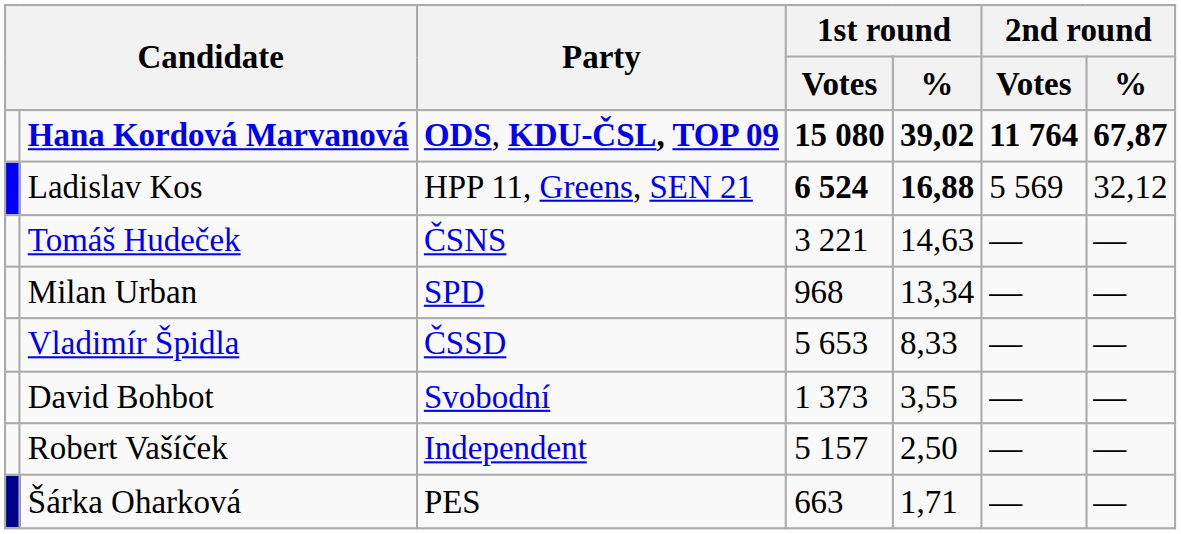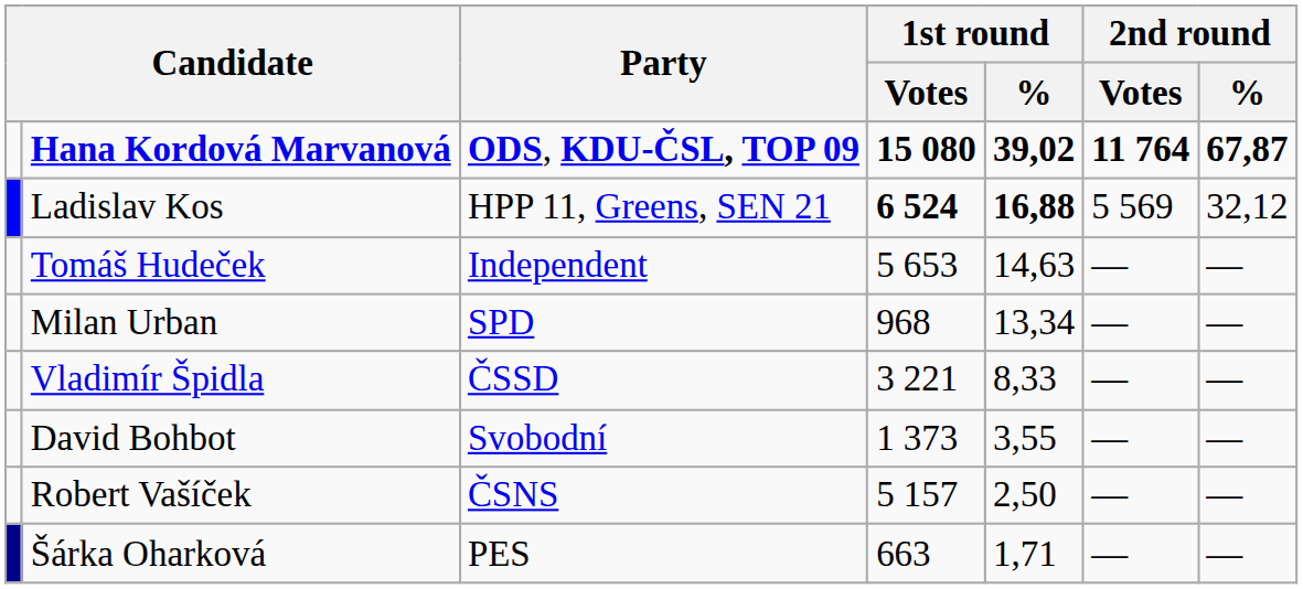 <table class="wikitable sortable">
 <tr>
 <th colspan="2" rowspan="2">Candidate</th>
 <th rowspan="2">Party</th>
 <th colspan="2">1st round</th>
 <th colspan="2">2nd round</th>
 </tr>
 <tr>
 <th>Votes</th>
 <th>%</th>
 <th>Votes</th>
 <th>%</th>
 </tr>
 <tr>
 <td style="background-color:"></td>
 <td><strong><a href='#'>Hana Kordová Marvanová</a></strong></td>
 <td><a href='#'><strong>ODS</strong></a>, <strong><a href='#'>KDU-ČSL</a>, <a href='#'>TOP 09</a></strong></td>
 <td><strong>15 080</strong></td>
 <td><strong>39,02</strong></td>
 <td><strong>11 764</strong></td>
 <td><strong>67,87</strong></td>
 </tr>
 <tr>
 <td style="background-color:blue"></td>
 <td>Ladislav Kos</td>
 <td>HPP 11, <a href='#'>Greens</a>, <a href='#'>SEN 21</a></td>
 <td><strong>6 524</strong></td>
 <td><strong>16,88</strong></td>
 <td>5 569</td>
 <td>32,12</td>
 </tr>
 <tr>
 <td style="background-color:"></td>
 <td><a href='#'>Tomáš Hudeček</a></td>
-<td><a href='#'>ČSNS</a></td>
-<td>3 221</td>
+<td><a href='#'>Independent</a></td>
+<td>5 653</td>
 <td>14,63</td>
 <td>—</td>
 <td>—</td>
 </tr>
 <tr>
 <td style="background-color:"></td>
 <td>Milan Urban</td>
 <td><a href='#'>SPD</a></td>
 <td>968</td>
 <td>13,34</td>
 <td>—</td>
 <td>—</td>
 </tr>
 <tr>
 <td style="background-color:"></td>
 <td><a href='#'>Vladimír Špidla</a></td>
 <td><a href='#'>ČSSD</a></td>
-<td>5 653</td>
+<td>3 221</td>
 <td>8,33</td>
 <td>—</td>
 <td>—</td>
 </tr>
 <tr>
 <td style="background-color:"></td>
 <td>David Bohbot</td>
 <td><a href='#'>Svobodní</a></td>
 <td>1 373</td>
 <td>3,55</td>
 <td>—</td>
 <td>—</td>
 </tr>
 <tr>
 <td style="background-color:"></td>
 <td>Robert Vašíček</td>
-<td><a href='#'>Independent</a></td>
+<td><a href='#'>ČSNS</a></td>
 <td>5 157</td>
 <td>2,50</td>
 <td>—</td>
 <td>—</td>
 </tr>
 <tr>
 <td style="background-color:darkblue"></td>
 <td>Šárka Oharková</td>
 <td>PES</td>
 <td>663</td>
 <td>1,71</td>
 <td>—</td>
 <td>—</td>
 </tr>
 </table>
